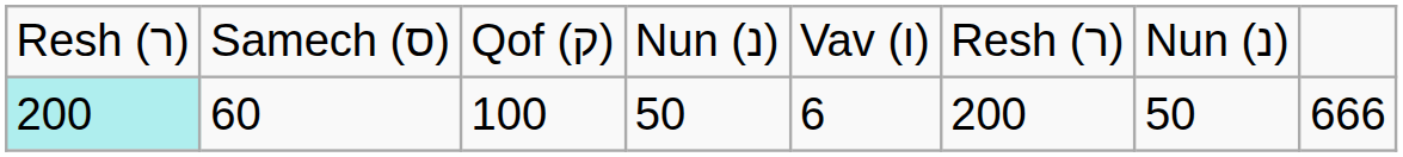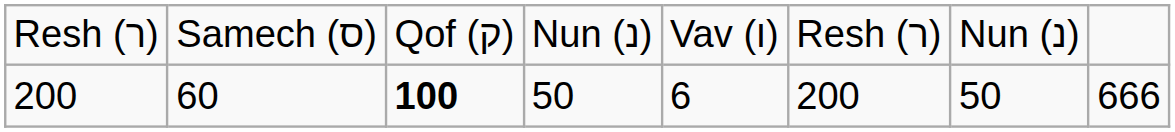 <table class="wikitable" style="margin:auto;">
 <tr>
 <td>Resh (ר)</td>
 <td>Samech (ס)</td>
 <td>Qof (ק)</td>
 <td>Nun (נ)</td>
 <td>Vav (ו)</td>
 <td>Resh (ר)</td>
 <td>Nun (נ)</td>
 <td></td>
 </tr>
 <tr>
-<td style="background: paleturquoise;">200</td>
+<td>200</td>
 <td>60</td>
-<td>100</td>
+<td><strong>100</strong></td>
 <td>50</td>
 <td>6</td>
 <td>200</td>
 <td>50</td>
 <td>666</td>
 </tr>
 </table>
